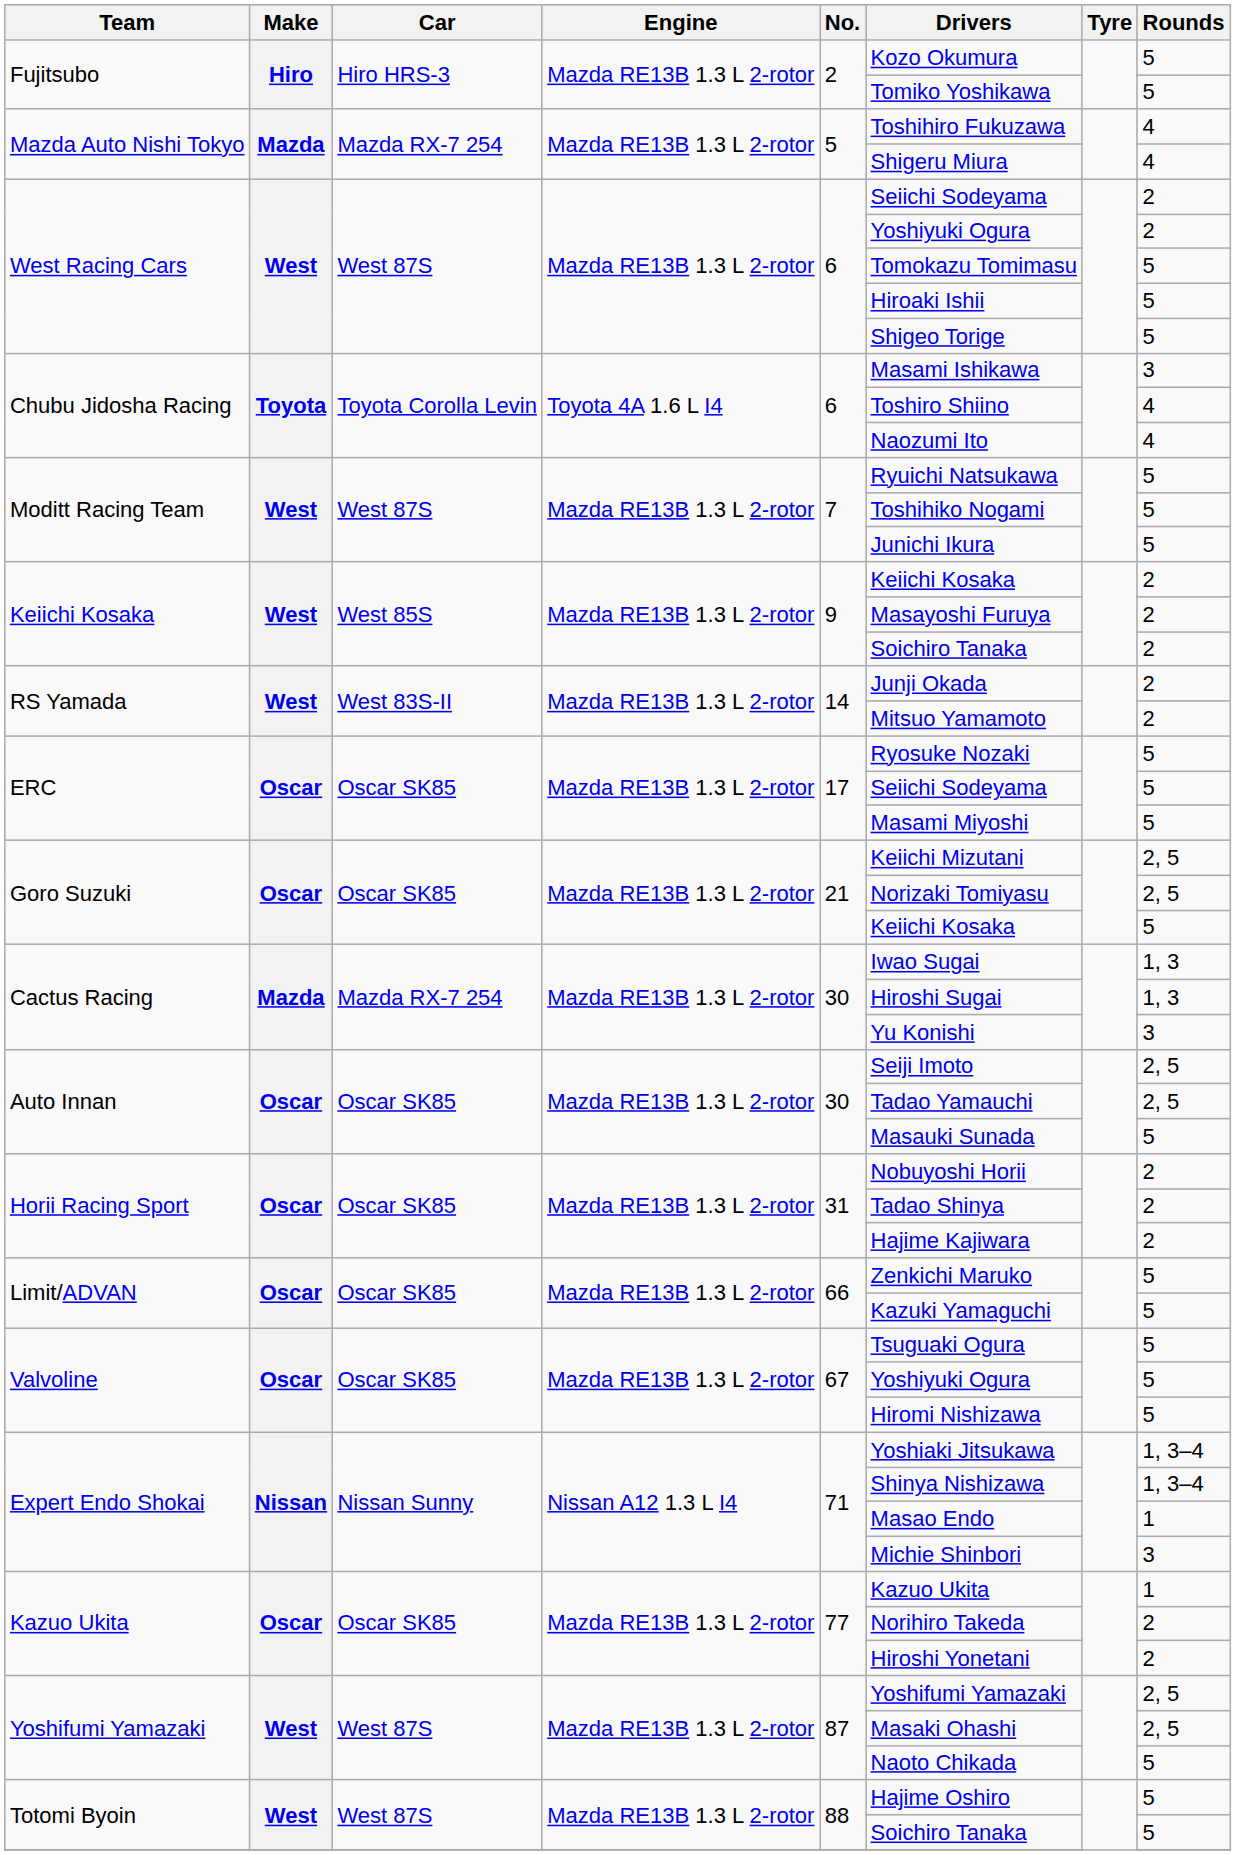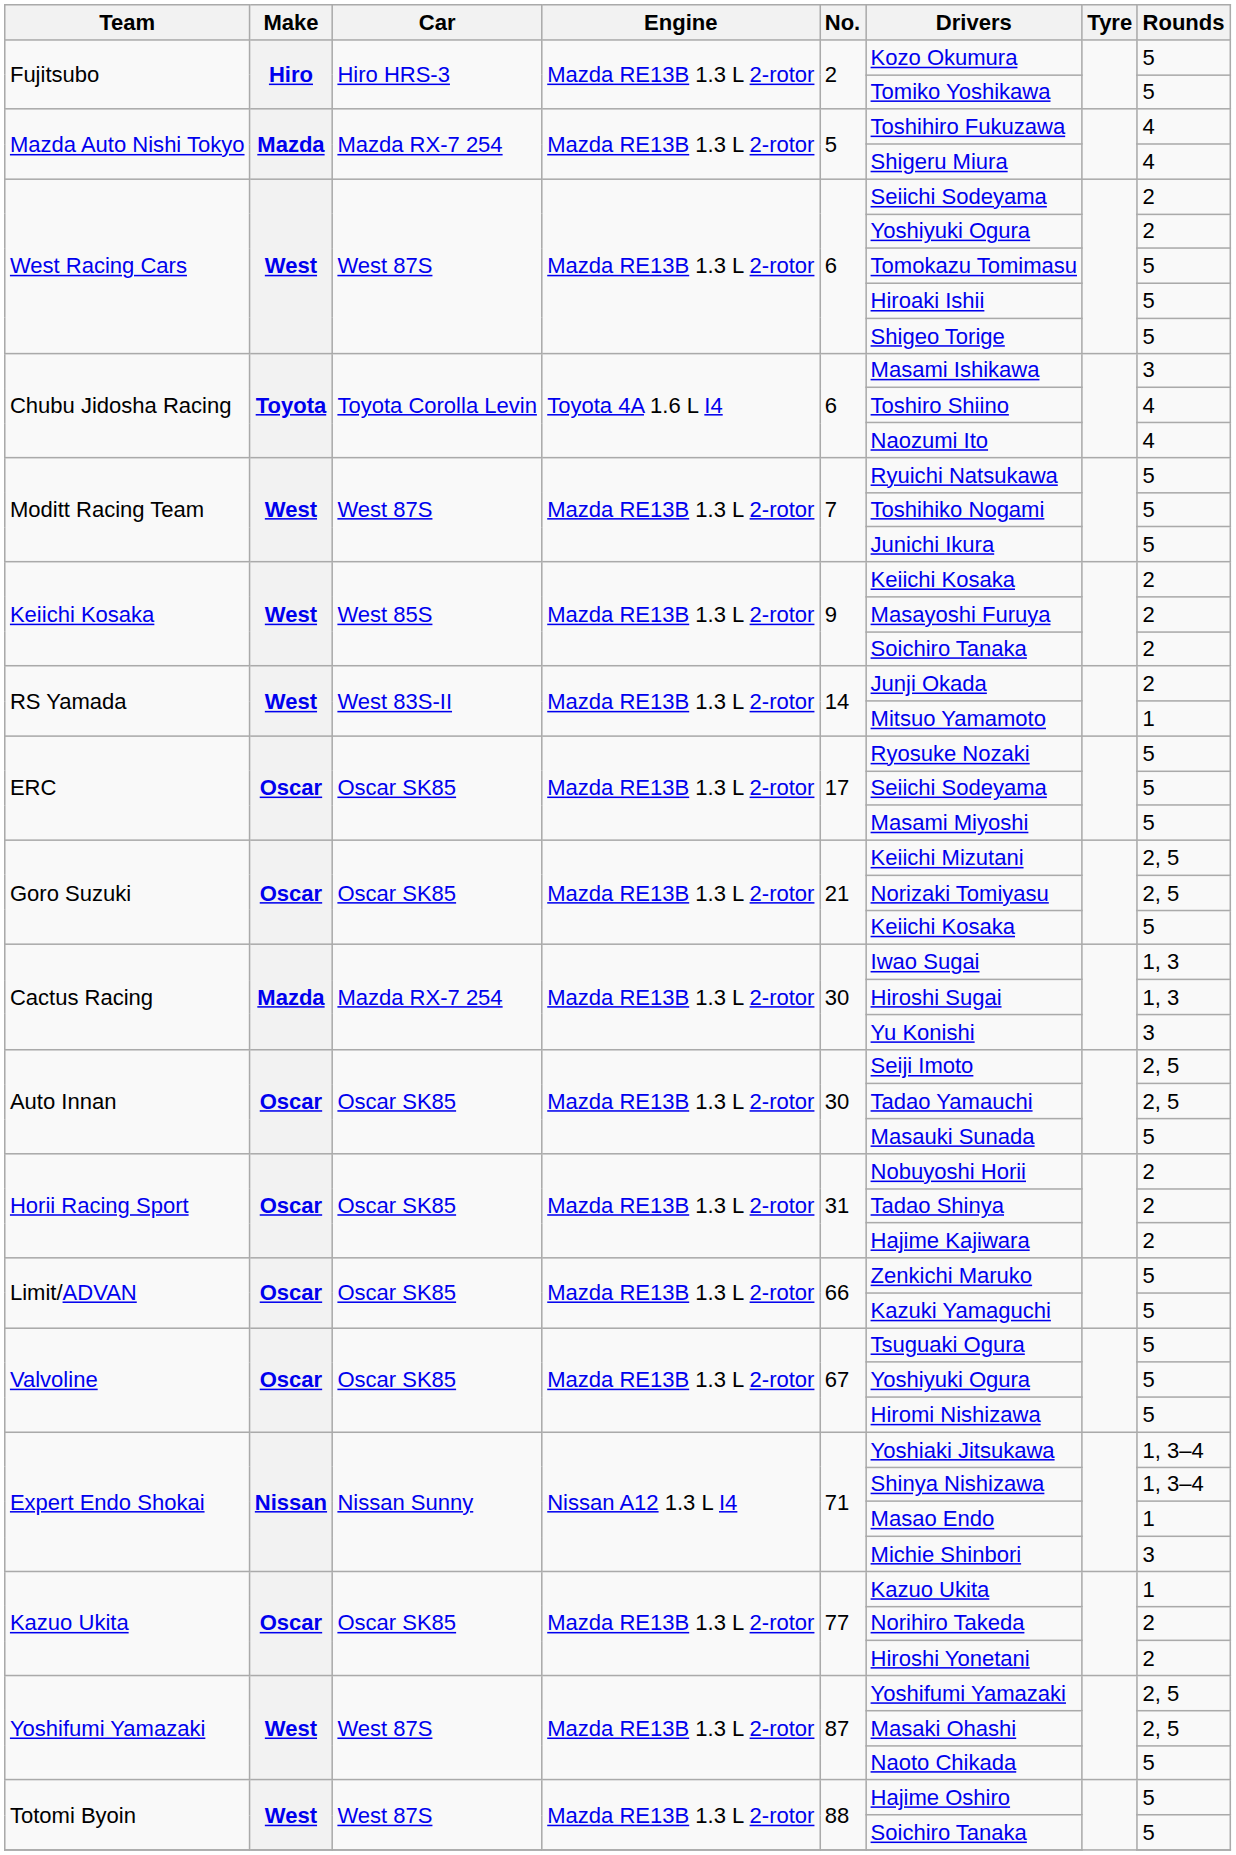 <table class="wikitable" style="font-size: 90%;">
 <tr>
 <th>Team</th>
 <th>Make</th>
 <th>Car</th>
 <th>Engine</th>
 <th>No.</th>
 <th>Drivers</th>
 <th>Tyre</th>
 <th>Rounds</th>
 </tr>
 <tr>
 <td rowspan=2>Fujitsubo</td>
 <th rowspan=2><a href='#'>Hiro</a></th>
 <td rowspan=2><a href='#'>Hiro HRS-3</a></td>
 <td rowspan=2><a href='#'>Mazda RE13B</a> 1.3 L <a href='#'>2-rotor</a></td>
 <td rowspan=2>2</td>
 <td> <a href='#'>Kozo Okumura</a></td>
 <td align=center rowspan=2></td>
 <td>5</td>
 </tr>
 <tr>
 <td> <a href='#'>Tomiko Yoshikawa</a></td>
 <td>5</td>
 </tr>
 <tr>
 <td rowspan=2><a href='#'>Mazda Auto Nishi Tokyo</a></td>
 <th rowspan=2><a href='#'>Mazda</a></th>
 <td rowspan=2><a href='#'>Mazda RX-7 254</a></td>
 <td rowspan=2><a href='#'>Mazda RE13B</a> 1.3 L <a href='#'>2-rotor</a></td>
 <td rowspan=2>5</td>
 <td> <a href='#'>Toshihiro Fukuzawa</a></td>
 <td align=center rowspan=2></td>
 <td>4</td>
 </tr>
 <tr>
 <td> <a href='#'>Shigeru Miura</a></td>
 <td>4</td>
 </tr>
 <tr>
 <td rowspan=5><a href='#'>West Racing Cars</a></td>
 <th rowspan=5><a href='#'>West</a></th>
 <td rowspan=5><a href='#'>West 87S</a></td>
 <td rowspan=5><a href='#'>Mazda RE13B</a> 1.3 L <a href='#'>2-rotor</a></td>
 <td rowspan=5>6</td>
 <td> <a href='#'>Seiichi Sodeyama</a></td>
 <td align=center rowspan=5></td>
 <td>2</td>
 </tr>
 <tr>
 <td> <a href='#'>Yoshiyuki Ogura</a></td>
 <td>2</td>
 </tr>
 <tr>
 <td> <a href='#'>Tomokazu Tomimasu</a></td>
 <td>5</td>
 </tr>
 <tr>
 <td> <a href='#'>Hiroaki Ishii</a></td>
 <td>5</td>
 </tr>
 <tr>
 <td> <a href='#'>Shigeo Torige</a></td>
 <td>5</td>
 </tr>
 <tr>
 <td rowspan=3>Chubu Jidosha Racing</td>
 <th rowspan=3><a href='#'>Toyota</a></th>
 <td rowspan=3><a href='#'>Toyota Corolla Levin</a></td>
 <td rowspan=3><a href='#'>Toyota 4A</a> 1.6 L <a href='#'>I4</a></td>
 <td rowspan=3>6</td>
 <td> <a href='#'>Masami Ishikawa</a></td>
 <td align=center rowspan=3></td>
 <td>3</td>
 </tr>
 <tr>
 <td> <a href='#'>Toshiro Shiino</a></td>
 <td>4</td>
 </tr>
 <tr>
 <td> <a href='#'>Naozumi Ito</a></td>
 <td>4</td>
 </tr>
 <tr>
 <td rowspan=3>Moditt Racing Team</td>
 <th rowspan=3><a href='#'>West</a></th>
 <td rowspan=3><a href='#'>West 87S</a></td>
 <td rowspan=3><a href='#'>Mazda RE13B</a> 1.3 L <a href='#'>2-rotor</a></td>
 <td rowspan=3>7</td>
 <td> <a href='#'>Ryuichi Natsukawa</a></td>
 <td align=center rowspan=3></td>
 <td>5</td>
 </tr>
 <tr>
 <td> <a href='#'>Toshihiko Nogami</a></td>
 <td>5</td>
 </tr>
 <tr>
 <td> <a href='#'>Junichi Ikura</a></td>
 <td>5</td>
 </tr>
 <tr>
 <td rowspan=3><a href='#'>Keiichi Kosaka</a></td>
 <th rowspan=3><a href='#'>West</a></th>
 <td rowspan=3><a href='#'>West 85S</a></td>
 <td rowspan=3><a href='#'>Mazda RE13B</a> 1.3 L <a href='#'>2-rotor</a></td>
 <td rowspan=3>9</td>
 <td> <a href='#'>Keiichi Kosaka</a></td>
 <td align=center rowspan=3></td>
 <td>2</td>
 </tr>
 <tr>
 <td> <a href='#'>Masayoshi Furuya</a></td>
 <td>2</td>
 </tr>
 <tr>
 <td> <a href='#'>Soichiro Tanaka</a></td>
 <td>2</td>
 </tr>
 <tr>
 <td rowspan=2>RS Yamada</td>
 <th rowspan=2><a href='#'>West</a></th>
 <td rowspan=2><a href='#'>West 83S-II</a></td>
 <td rowspan=2><a href='#'>Mazda RE13B</a> 1.3 L <a href='#'>2-rotor</a></td>
 <td rowspan=2>14</td>
 <td> <a href='#'>Junji Okada</a></td>
 <td align=center rowspan=2></td>
 <td>2</td>
 </tr>
 <tr>
 <td> <a href='#'>Mitsuo Yamamoto</a></td>
-<td>2</td>
+<td>1</td>
 </tr>
 <tr>
 <td rowspan=3>ERC</td>
 <th rowspan=3><a href='#'>Oscar</a></th>
 <td rowspan=3><a href='#'>Oscar SK85</a></td>
 <td rowspan=3><a href='#'>Mazda RE13B</a> 1.3 L <a href='#'>2-rotor</a></td>
 <td rowspan=3>17</td>
 <td> <a href='#'>Ryosuke Nozaki</a></td>
 <td align=center rowspan=3></td>
 <td>5</td>
 </tr>
 <tr>
 <td> <a href='#'>Seiichi Sodeyama</a></td>
 <td>5</td>
 </tr>
 <tr>
 <td> <a href='#'>Masami Miyoshi</a></td>
 <td>5</td>
 </tr>
 <tr>
 <td rowspan=3>Goro Suzuki</td>
 <th rowspan=3><a href='#'>Oscar</a></th>
 <td rowspan=3><a href='#'>Oscar SK85</a></td>
 <td rowspan=3><a href='#'>Mazda RE13B</a> 1.3 L <a href='#'>2-rotor</a></td>
 <td rowspan=3>21</td>
 <td> <a href='#'>Keiichi Mizutani</a></td>
 <td align=center rowspan=3></td>
 <td>2, 5</td>
 </tr>
 <tr>
 <td> <a href='#'>Norizaki Tomiyasu</a></td>
 <td>2, 5</td>
 </tr>
 <tr>
 <td> <a href='#'>Keiichi Kosaka</a></td>
 <td>5</td>
 </tr>
 <tr>
 <td rowspan=3>Cactus Racing</td>
 <th rowspan=3><a href='#'>Mazda</a></th>
 <td rowspan=3><a href='#'>Mazda RX-7 254</a></td>
 <td rowspan=3><a href='#'>Mazda RE13B</a> 1.3 L <a href='#'>2-rotor</a></td>
 <td rowspan=3>30</td>
 <td> <a href='#'>Iwao Sugai</a></td>
 <td align=center rowspan=3></td>
 <td>1, 3</td>
 </tr>
 <tr>
 <td> <a href='#'>Hiroshi Sugai</a></td>
 <td>1, 3</td>
 </tr>
 <tr>
 <td> <a href='#'>Yu Konishi</a></td>
 <td>3</td>
 </tr>
 <tr>
 <td rowspan=3>Auto Innan</td>
 <th rowspan=3><a href='#'>Oscar</a></th>
 <td rowspan=3><a href='#'>Oscar SK85</a></td>
 <td rowspan=3><a href='#'>Mazda RE13B</a> 1.3 L <a href='#'>2-rotor</a></td>
 <td rowspan=3>30</td>
 <td> <a href='#'>Seiji Imoto</a></td>
 <td align=center rowspan=3></td>
 <td>2, 5</td>
 </tr>
 <tr>
 <td> <a href='#'>Tadao Yamauchi</a></td>
 <td>2, 5</td>
 </tr>
 <tr>
 <td> <a href='#'>Masauki Sunada</a></td>
 <td>5</td>
 </tr>
 <tr>
 <td rowspan=3><a href='#'>Horii Racing Sport</a></td>
 <th rowspan=3><a href='#'>Oscar</a></th>
 <td rowspan=3><a href='#'>Oscar SK85</a></td>
 <td rowspan=3><a href='#'>Mazda RE13B</a> 1.3 L <a href='#'>2-rotor</a></td>
 <td rowspan=3>31</td>
 <td> <a href='#'>Nobuyoshi Horii</a></td>
 <td align=center rowspan=3></td>
 <td>2</td>
 </tr>
 <tr>
 <td> <a href='#'>Tadao Shinya</a></td>
 <td>2</td>
 </tr>
 <tr>
 <td> <a href='#'>Hajime Kajiwara</a></td>
 <td>2</td>
 </tr>
 <tr>
 <td rowspan=2>Limit/<a href='#'>ADVAN</a></td>
 <th rowspan=2><a href='#'>Oscar</a></th>
 <td rowspan=2><a href='#'>Oscar SK85</a></td>
 <td rowspan=2><a href='#'>Mazda RE13B</a> 1.3 L <a href='#'>2-rotor</a></td>
 <td rowspan=2>66</td>
 <td> <a href='#'>Zenkichi Maruko</a></td>
 <td align=center rowspan=2></td>
 <td>5</td>
 </tr>
 <tr>
 <td> <a href='#'>Kazuki Yamaguchi</a></td>
 <td>5</td>
 </tr>
 <tr>
 <td rowspan=3><a href='#'>Valvoline</a></td>
 <th rowspan=3><a href='#'>Oscar</a></th>
 <td rowspan=3><a href='#'>Oscar SK85</a></td>
 <td rowspan=3><a href='#'>Mazda RE13B</a> 1.3 L <a href='#'>2-rotor</a></td>
 <td rowspan=3>67</td>
 <td> <a href='#'>Tsuguaki Ogura</a></td>
 <td align=center rowspan=3></td>
 <td>5</td>
 </tr>
 <tr>
 <td> <a href='#'>Yoshiyuki Ogura</a></td>
 <td>5</td>
 </tr>
 <tr>
 <td> <a href='#'>Hiromi Nishizawa</a></td>
 <td>5</td>
 </tr>
 <tr>
 <td rowspan=4><a href='#'>Expert Endo Shokai</a></td>
 <th rowspan=4><a href='#'>Nissan</a></th>
 <td rowspan=4><a href='#'>Nissan Sunny</a></td>
 <td rowspan=4><a href='#'>Nissan A12</a> 1.3 L <a href='#'>I4</a></td>
 <td rowspan=4>71</td>
 <td> <a href='#'>Yoshiaki Jitsukawa</a></td>
 <td align=center rowspan=4></td>
 <td>1, 3–4</td>
 </tr>
 <tr>
 <td> <a href='#'>Shinya Nishizawa</a></td>
 <td>1, 3–4</td>
 </tr>
 <tr>
 <td> <a href='#'>Masao Endo</a></td>
 <td>1</td>
 </tr>
 <tr>
 <td> <a href='#'>Michie Shinbori</a></td>
 <td>3</td>
 </tr>
 <tr>
 <td rowspan=3><a href='#'>Kazuo Ukita</a></td>
 <th rowspan=3><a href='#'>Oscar</a></th>
 <td rowspan=3><a href='#'>Oscar SK85</a></td>
 <td rowspan=3><a href='#'>Mazda RE13B</a> 1.3 L <a href='#'>2-rotor</a></td>
 <td rowspan=3>77</td>
 <td> <a href='#'>Kazuo Ukita</a></td>
 <td align=center rowspan=3></td>
 <td>1</td>
 </tr>
 <tr>
 <td> <a href='#'>Norihiro Takeda</a></td>
 <td>2</td>
 </tr>
 <tr>
 <td> <a href='#'>Hiroshi Yonetani</a></td>
 <td>2</td>
 </tr>
 <tr>
 <td rowspan=3><a href='#'>Yoshifumi Yamazaki</a></td>
 <th rowspan=3><a href='#'>West</a></th>
 <td rowspan=3><a href='#'>West 87S</a></td>
 <td rowspan=3><a href='#'>Mazda RE13B</a> 1.3 L <a href='#'>2-rotor</a></td>
 <td rowspan=3>87</td>
 <td> <a href='#'>Yoshifumi Yamazaki</a></td>
 <td align=center rowspan=3></td>
 <td>2, 5</td>
 </tr>
 <tr>
 <td> <a href='#'>Masaki Ohashi</a></td>
 <td>2, 5</td>
 </tr>
 <tr>
 <td> <a href='#'>Naoto Chikada</a></td>
 <td>5</td>
 </tr>
 <tr>
 <td rowspan=2>Totomi Byoin</td>
 <th rowspan=2><a href='#'>West</a></th>
 <td rowspan=2><a href='#'>West 87S</a></td>
 <td rowspan=2><a href='#'>Mazda RE13B</a> 1.3 L <a href='#'>2-rotor</a></td>
 <td rowspan=2>88</td>
 <td> <a href='#'>Hajime Oshiro</a></td>
 <td align=center rowspan=3></td>
 <td>5</td>
 </tr>
 <tr>
 <td> <a href='#'>Soichiro Tanaka</a></td>
 <td>5</td>
 </tr>
 <tr>
 </tr>
 </table>
